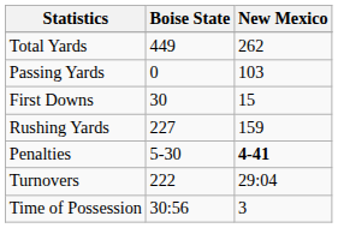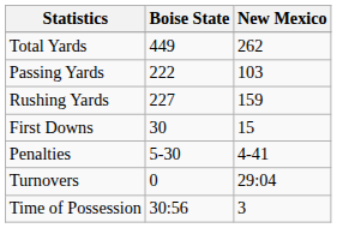 <table class="wikitable">
 <tr>
 <th>Statistics</th>
 <th>Boise State</th>
 <th>New Mexico</th>
 </tr>
 <tr>
 </tr>
 <tr>
 <td>Total Yards</td>
 <td>449</td>
 <td>262</td>
 </tr>
 <tr>
 <td>Passing Yards</td>
-<td>0</td>
+<td>222</td>
 <td>103</td>
+</tr>
+<tr>
+<td>Rushing Yards</td>
+<td>227</td>
+<td>159</td>
 </tr>
 <tr>
 <td>First Downs</td>
 <td>30</td>
 <td>15</td>
 </tr>
 <tr>
-<td>Rushing Yards</td>
-<td>227</td>
-<td>159</td>
-</tr>
-<tr>
 <td>Penalties</td>
 <td>5-30</td>
-<td><strong>4-41</strong></td>
+<td>4-41</td>
 </tr>
 <tr>
 <td>Turnovers</td>
-<td>222</td>
+<td>0</td>
 <td>29:04</td>
 </tr>
 <tr>
 <td>Time of Possession</td>
 <td>30:56</td>
 <td>3</td>
 </tr>
 </table>
